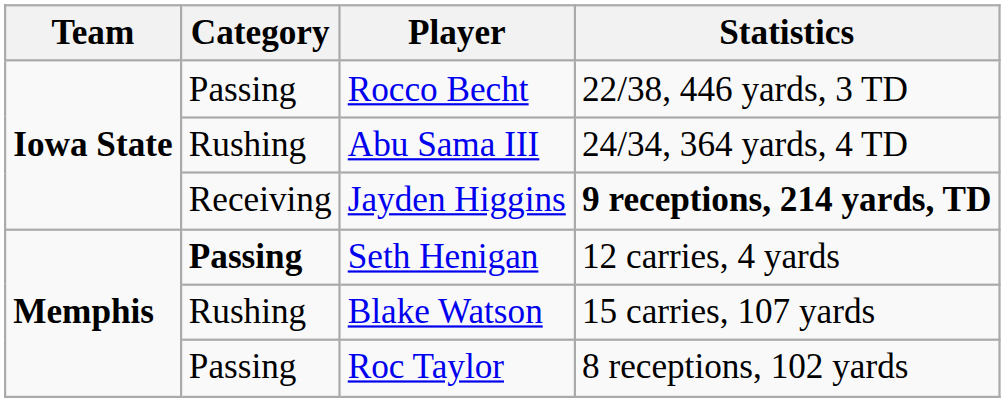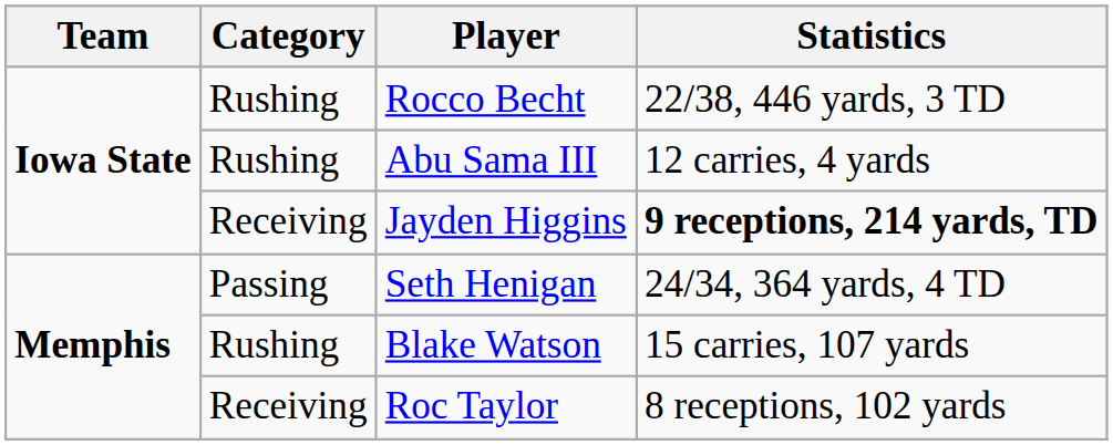 <table class="wikitable" style="float: right;">
 <tr>
 <th>Team</th>
 <th>Category</th>
 <th>Player</th>
 <th>Statistics</th>
 </tr>
 <tr>
 <td rowspan=3><strong>Iowa State</strong></td>
-<td>Passing</td>
+<td>Rushing</td>
 <td><a href='#'>Rocco Becht</a></td>
 <td>22/38, 446 yards, 3 TD</td>
 </tr>
 <tr>
 <td>Rushing</td>
 <td><a href='#'>Abu Sama III</a></td>
-<td>24/34, 364 yards, 4 TD</td>
+<td>12 carries, 4 yards</td>
 </tr>
 <tr>
 <td>Receiving</td>
 <td><a href='#'>Jayden Higgins</a></td>
 <td><strong>9 receptions, 214 yards, TD</strong></td>
 </tr>
 <tr>
 <td rowspan=3><strong>Memphis</strong></td>
-<td><strong>Passing</strong></td>
+<td>Passing</td>
 <td><a href='#'>Seth Henigan</a></td>
-<td>12 carries, 4 yards</td>
+<td>24/34, 364 yards, 4 TD</td>
 </tr>
 <tr>
 <td>Rushing</td>
 <td><a href='#'>Blake Watson</a></td>
 <td>15 carries, 107 yards</td>
 </tr>
 <tr>
-<td>Passing</td>
+<td>Receiving</td>
 <td><a href='#'>Roc Taylor</a></td>
 <td>8 receptions, 102 yards</td>
 </tr>
 </table>
